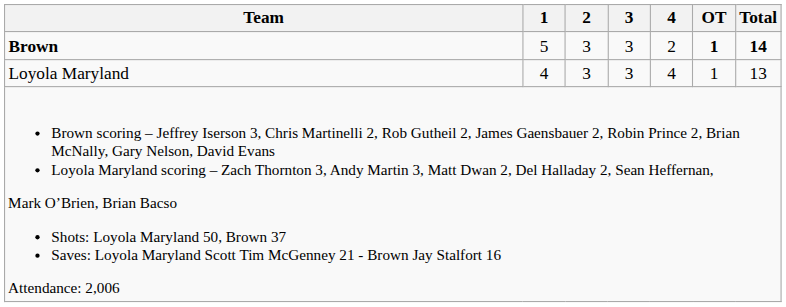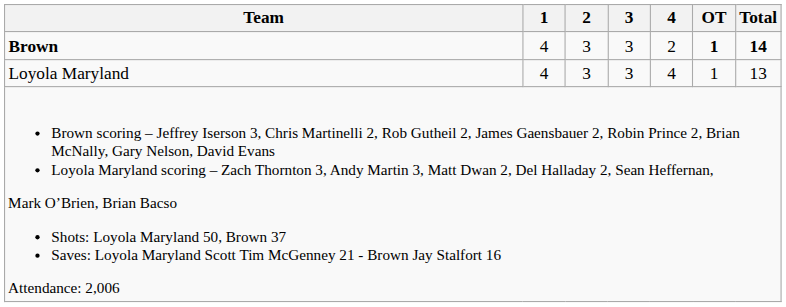 <table class="wikitable" style="text-align:center; max-width:45em">
 <tr>
 <th>Team</th>
 <th style="width:2em">1</th>
 <th style="width:2em">2</th>
 <th style="width:2em">3</th>
 <th style="width:2em">4</th>
 <th style="width:2em">OT</th>
 <th style="width:2em">Total</th>
 </tr>
 <tr>
 <td style="text-align:left"><strong>Brown</strong></td>
-<td>5</td>
+<td>4</td>
 <td>3</td>
 <td>3</td>
 <td>2</td>
 <td><strong>1</strong></td>
 <td><strong>14</strong></td>
 </tr>
 <tr>
 <td style="text-align:left">Loyola Maryland</td>
 <td>4</td>
 <td>3</td>
 <td>3</td>
 <td>4</td>
 <td>1</td>
 <td>13</td>
 </tr>
 <tr>
 <td colspan=10 style="text-align:left; font-size:88%;"><br><ul><li>Brown scoring – Jeffrey Iserson 3, Chris Martinelli 2, Rob Gutheil 2, James Gaensbauer 2, Robin Prince 2, Brian McNally, Gary Nelson, David Evans</li><li>Loyola Maryland scoring – Zach Thornton 3, Andy Martin 3, Matt Dwan 2, Del Halladay 2, Sean Heffernan,</li></ul>Mark O’Brien, Brian Bacso<ul><li>Shots: Loyola Maryland 50, Brown 37</li><li>Saves: Loyola Maryland Scott Tim McGenney 21 - Brown Jay Stalfort 16</li></ul>Attendance: 2,006 </td>
 </tr>
 </table>
